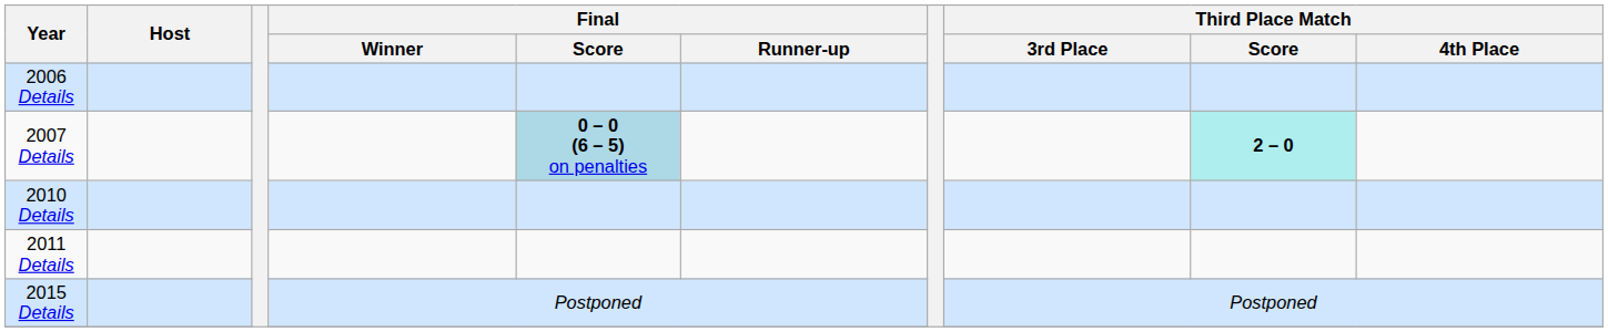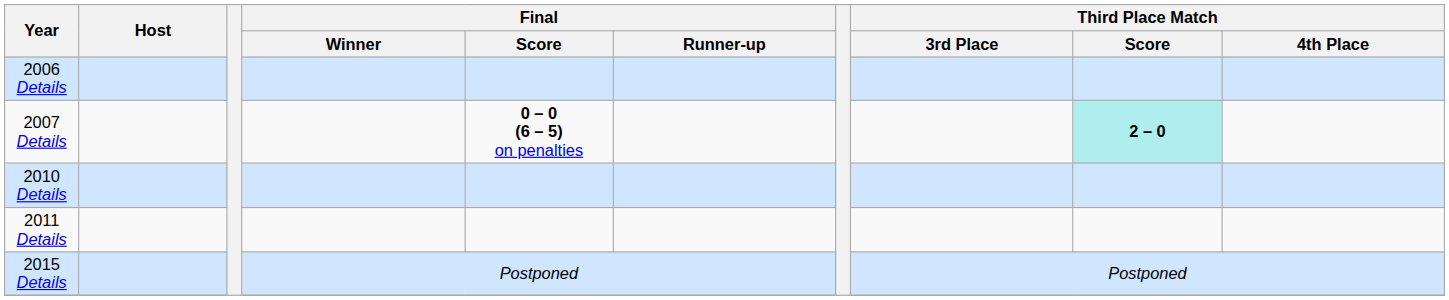 <table class="wikitable" style="font-size: 90%; text-align: center; width: 100%;">
 <tr>
 <th rowspan="2" width="5%">Year</th>
 <th rowspan="2" width="10%">Host</th>
 <th width="1%" rowspan="8"></th>
 <th colspan="3">Final</th>
 <th width="1%" rowspan="8"></th>
 <th colspan="3">Third Place Match</th>
 </tr>
 <tr>
 <th width="15%">Winner</th>
 <th width="10%">Score</th>
 <th width="15%">Runner-up</th>
 <th width="15%">3rd Place</th>
 <th width="10%">Score</th>
 <th width="15%">4th Place</th>
 </tr>
 <tr style="background: #D0E6FF;">
 <td>2006<br><em><a href='#'>Details</a></em></td>
 <td align=left></td>
 <td><strong> </strong></td>
 <td></td>
 <td></td>
 <td></td>
 <td></td>
 <td></td>
 </tr>
 <tr>
 <td>2007<br><em><a href='#'>Details</a></em></td>
 <td align=left></td>
 <td><strong> </strong></td>
-<td style="background: lightblue;"><strong>0 – 0</strong> <br> <strong>(6 – 5)</strong> <br><a href='#'>on penalties</a></td>
+<td><strong>0 – 0</strong> <br> <strong>(6 – 5)</strong> <br><a href='#'>on penalties</a></td>
 <td></td>
 <td></td>
 <td style="background: paleturquoise;"><strong>2 – 0</strong></td>
 <td></td>
 </tr>
 <tr style="background: #D0E6FF;">
 <td>2010<br><em><a href='#'>Details</a></em></td>
 <td align=left></td>
 <td><strong> </strong></td>
 <td></td>
 <td></td>
 <td></td>
 <td></td>
 <td></td>
 </tr>
 <tr>
 <td>2011<br><em><a href='#'>Details</a></em></td>
 <td align=left></td>
 <td><strong></strong></td>
 <td></td>
 <td></td>
 <td></td>
 <td></td>
 <td></td>
 </tr>
 <tr style="background: #D0E6FF;">
 <td>2015<br><em><a href='#'>Details</a></em></td>
 <td align=left></td>
 <td colspan=3><em>Postponed</em></td>
 <td colspan=3><em>Postponed</em></td>
 </tr>
 <tr>
 </tr>
 </table>
